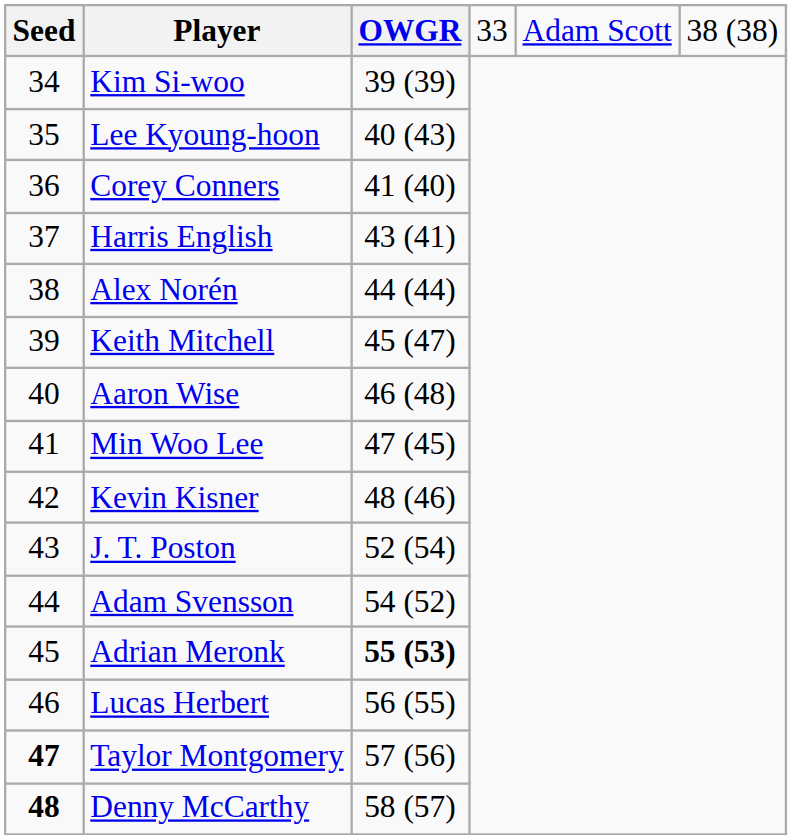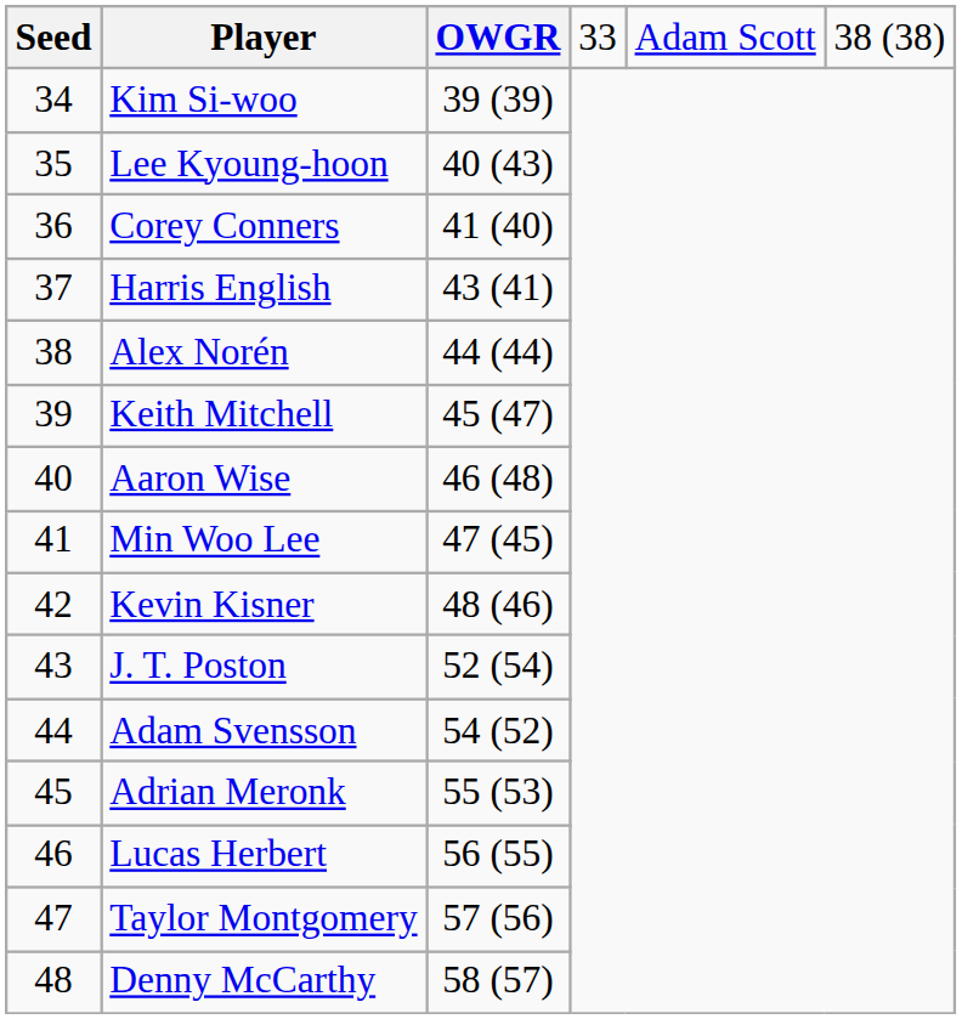 <table class=wikitable style=font-size:85%;text-align:center>
 <tr>
 <th>Seed</th>
 <th>Player</th>
 <th><a href='#'>OWGR</a></th>
 <td>33</td>
 <td style="text-align:left;"> <a href='#'>Adam Scott</a></td>
 <td>38 (38)</td>
 </tr>
 <tr>
 <td>34</td>
 <td style="text-align:left;"> <a href='#'>Kim Si-woo</a></td>
 <td>39 (39)</td>
 </tr>
 <tr>
 <td>35</td>
 <td style="text-align:left;"> <a href='#'>Lee Kyoung-hoon</a></td>
 <td>40 (43)</td>
 </tr>
 <tr>
 <td>36</td>
 <td style="text-align:left;"> <a href='#'>Corey Conners</a></td>
 <td>41 (40)</td>
 </tr>
 <tr>
 <td>37</td>
 <td style="text-align:left;"> <a href='#'>Harris English</a></td>
 <td>43 (41)</td>
 </tr>
 <tr>
 <td>38</td>
 <td style="text-align:left;"> <a href='#'>Alex Norén</a></td>
 <td>44 (44)</td>
 </tr>
 <tr>
 <td>39</td>
 <td style="text-align:left;"> <a href='#'>Keith Mitchell</a></td>
 <td>45 (47)</td>
 </tr>
 <tr>
 <td>40</td>
 <td style="text-align:left;"> <a href='#'>Aaron Wise</a></td>
 <td>46 (48)</td>
 </tr>
 <tr>
 <td>41</td>
 <td style="text-align:left;"> <a href='#'>Min Woo Lee</a></td>
 <td>47 (45)</td>
 </tr>
 <tr>
 <td>42</td>
 <td style="text-align:left;"> <a href='#'>Kevin Kisner</a></td>
 <td>48 (46)</td>
 </tr>
 <tr>
 <td>43</td>
 <td style="text-align:left;"> <a href='#'>J. T. Poston</a></td>
 <td>52 (54)</td>
 </tr>
 <tr>
 <td>44</td>
 <td style="text-align:left;"> <a href='#'>Adam Svensson</a></td>
 <td>54 (52)</td>
 </tr>
 <tr>
 <td>45</td>
 <td style="text-align:left;"> <a href='#'>Adrian Meronk</a></td>
-<td><strong>55 (53)</strong></td>
+<td>55 (53)</td>
 </tr>
 <tr>
 <td>46</td>
 <td style="text-align:left;"> <a href='#'>Lucas Herbert</a></td>
 <td>56 (55)</td>
 </tr>
 <tr>
-<td><strong>47</strong></td>
+<td>47</td>
 <td style="text-align:left;"> <a href='#'>Taylor Montgomery</a></td>
 <td>57 (56)</td>
 </tr>
 <tr>
-<td><strong>48</strong></td>
+<td>48</td>
 <td style="text-align:left;"> <a href='#'>Denny McCarthy</a></td>
 <td>58 (57)</td>
 </tr>
 </table>
